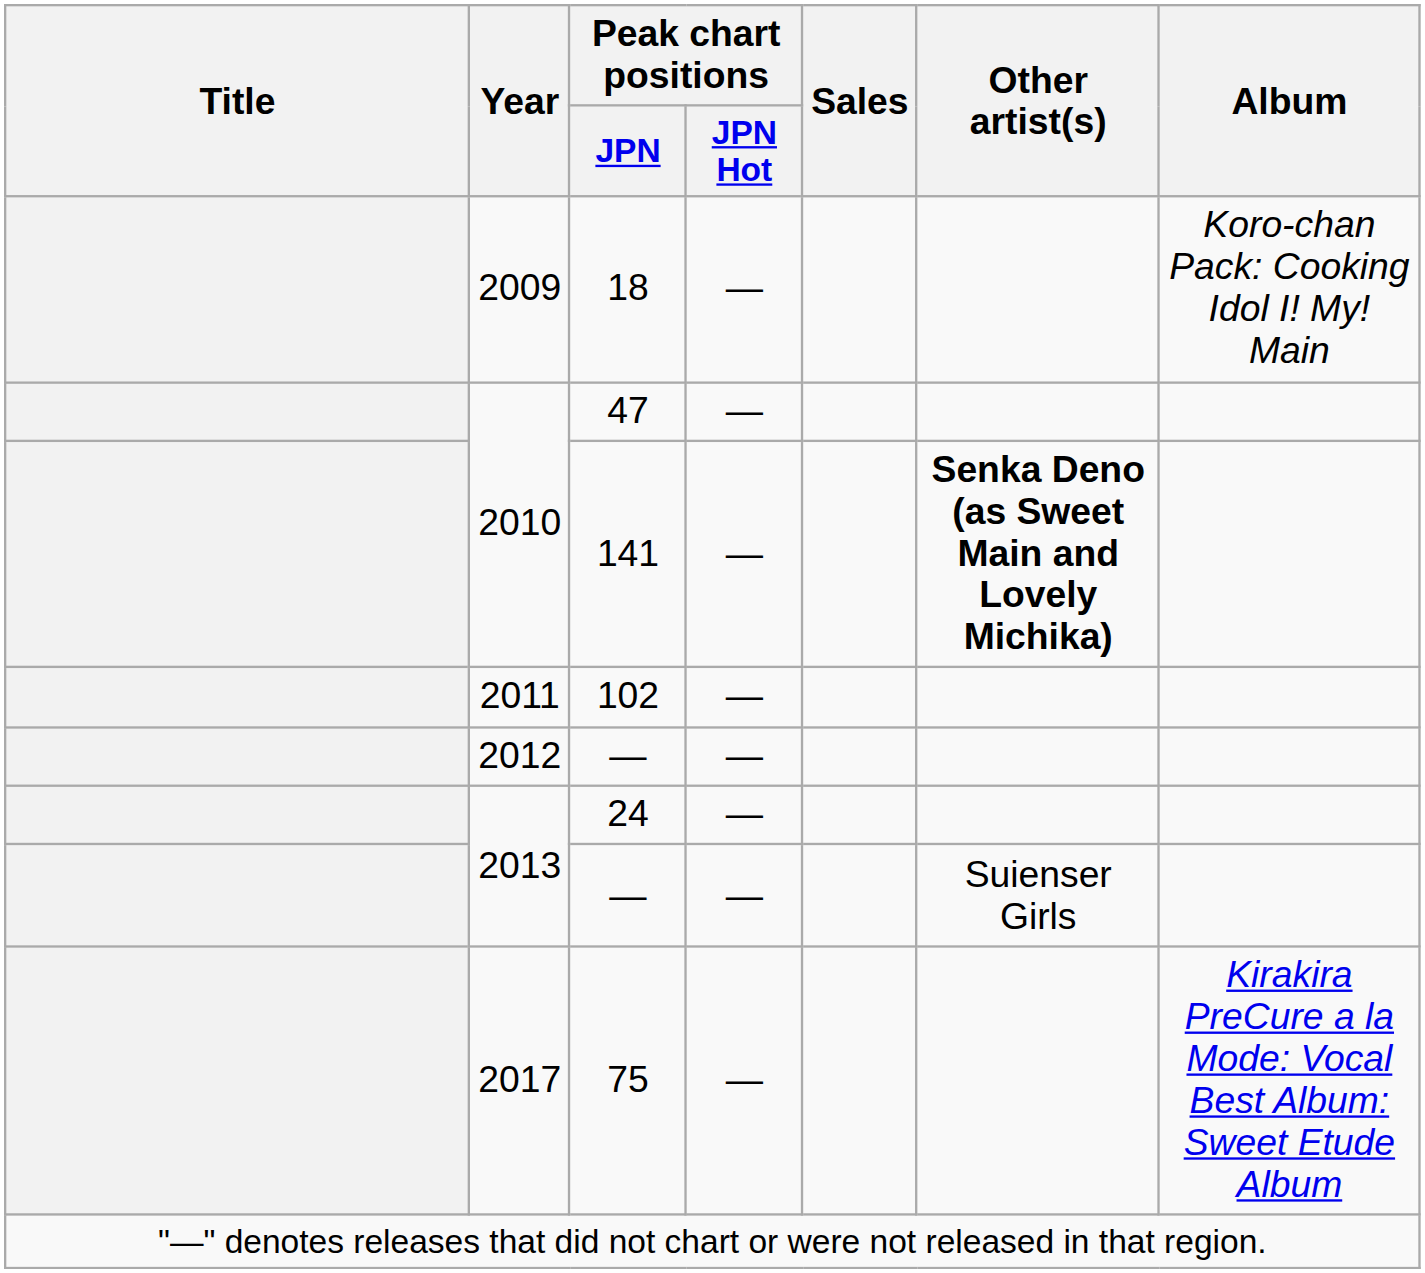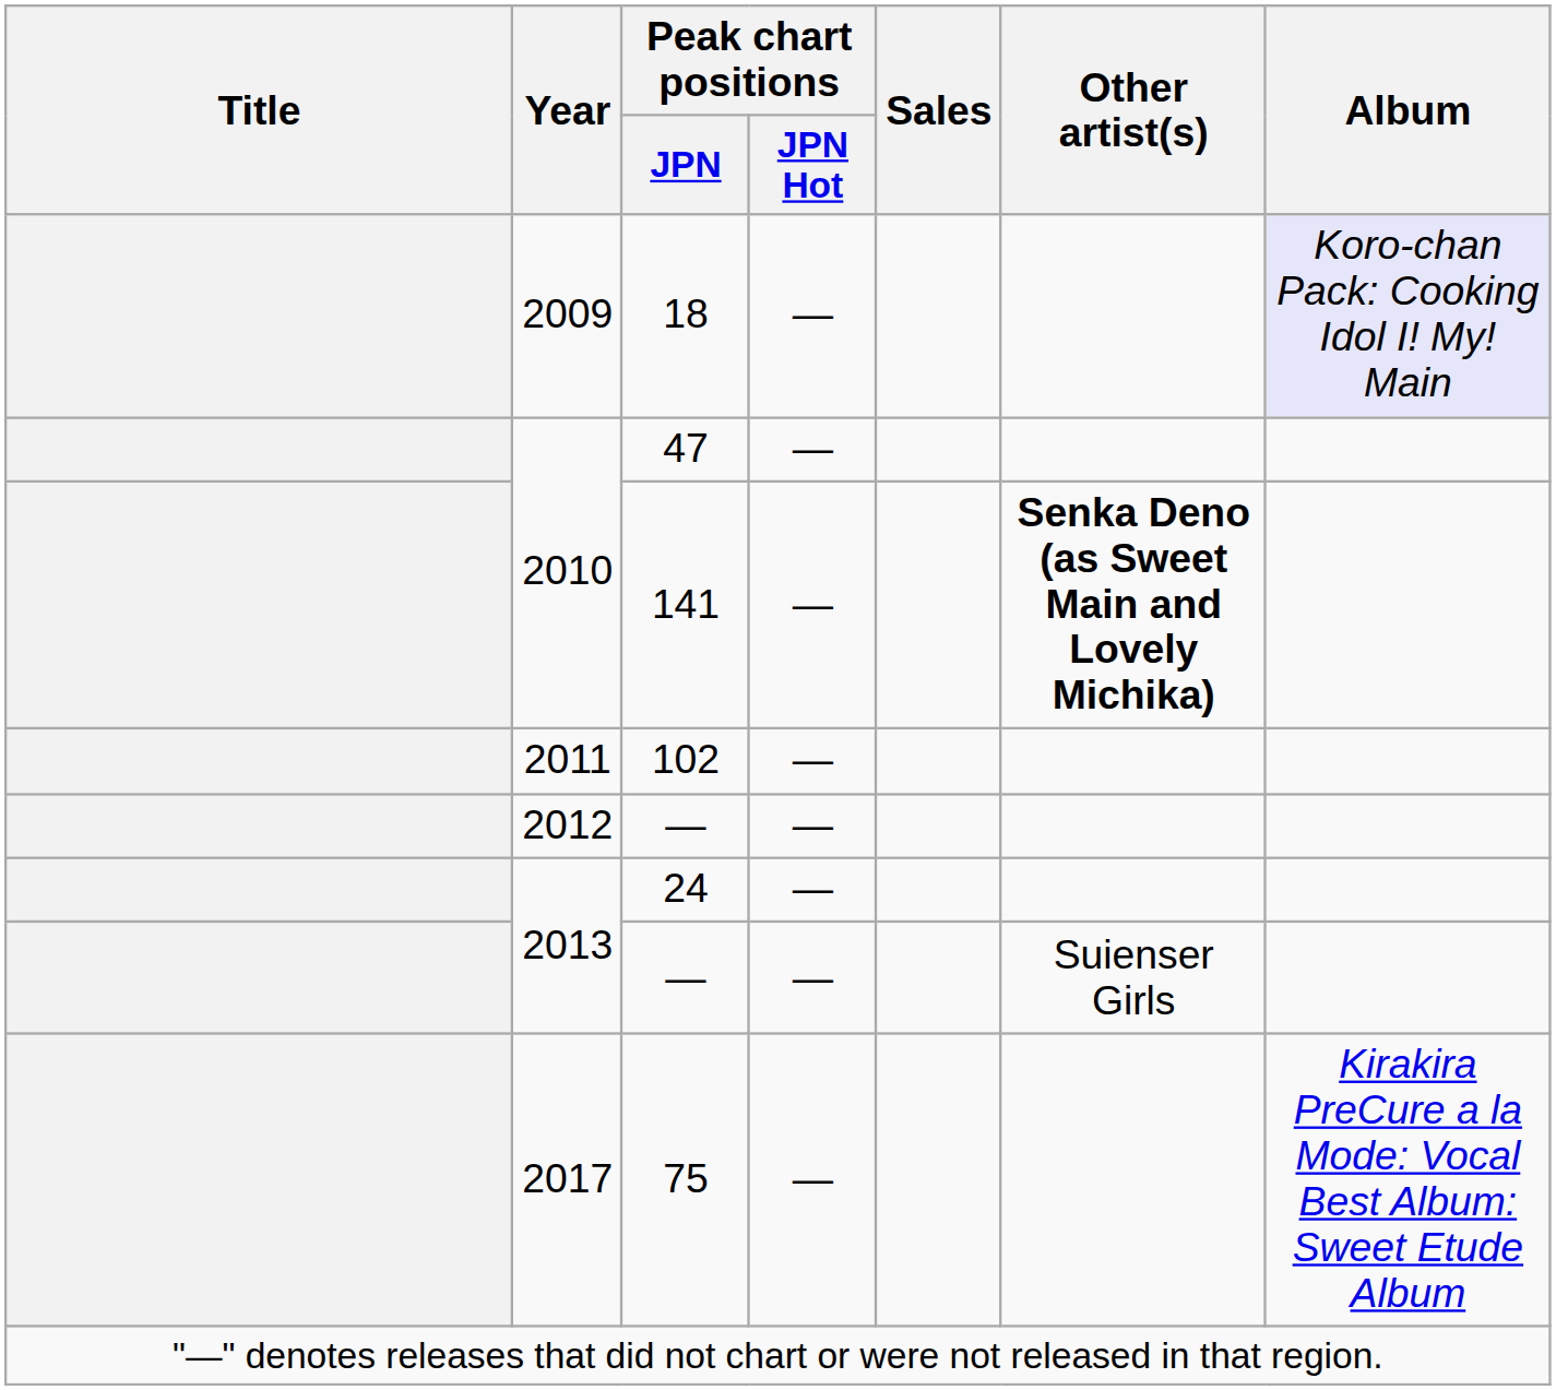 <table class="wikitable plainrowheaders" style="text-align:center;">
 <tr>
 <th scope="col" rowspan="2" style="width:12em;">Title</th>
 <th scope="col" rowspan="2">Year</th>
 <th scope="col" colspan="2">Peak chart positions</th>
 <th scope="col" rowspan="2">Sales</th>
 <th scope="col" rowspan="2">Other artist(s)</th>
 <th scope="col" rowspan="2">Album</th>
 </tr>
 <tr>
 <th scope="col" style="width:3em;font-size:90%;"><a href='#'>JPN</a></th>
 <th scope="col" style="width:3em;font-size:90%;"><a href='#'>JPN<br>Hot</a></th>
 </tr>
 <tr>
 <th scope="row"></th>
 <td>2009</td>
 <td>18</td>
 <td>—</td>
 <td></td>
 <td></td>
-<td><em>Koro-chan Pack: Cooking Idol I! My! Main</em></td>
+<td style="background: lavender;"><em>Koro-chan Pack: Cooking Idol I! My! Main</em></td>
 </tr>
 <tr>
 <th scope="row"></th>
 <td rowspan="2">2010</td>
 <td>47</td>
 <td>—</td>
 <td></td>
 <td></td>
 <td></td>
 </tr>
 <tr>
 <th scope="row"></th>
 <td>141</td>
 <td>—</td>
 <td></td>
 <td><strong>Senka Deno (as Sweet Main and Lovely Michika)</strong></td>
 <td></td>
 </tr>
 <tr>
 <th scope="row"></th>
 <td>2011</td>
 <td>102</td>
 <td>—</td>
 <td></td>
 <td></td>
 <td></td>
 </tr>
 <tr>
 <th scope="row"></th>
 <td>2012</td>
 <td>—</td>
 <td>—</td>
 <td></td>
 <td></td>
 <td></td>
 </tr>
 <tr>
 <th scope="row"></th>
 <td rowspan="2">2013</td>
 <td>24</td>
 <td>—</td>
 <td></td>
 <td></td>
 <td></td>
 </tr>
 <tr>
 <th scope="row"></th>
 <td>—</td>
 <td>—</td>
 <td></td>
 <td>Suienser Girls</td>
 <td></td>
 </tr>
 <tr>
 <th scope="row"></th>
 <td>2017</td>
 <td>75</td>
 <td>—</td>
 <td></td>
 <td></td>
 <td><em><a href='#'>Kirakira PreCure a la Mode: Vocal Best Album: Sweet Etude Album</a></em></td>
 </tr>
 <tr>
 <td colspan="7" style="font-size:90%;">"—" denotes releases that did not chart or were not released in that region.</td>
 </tr>
 </table>
